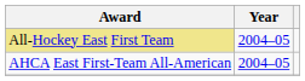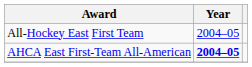 <table class="wikitable">
 <tr>
 <th>Award</th>
 <th>Year</th>
 <th></th>
 </tr>
 <tr>
-<td style="background: khaki;">All-<a href='#'>Hockey East</a> <a href='#'>First Team</a></td>
+<td>All-<a href='#'>Hockey East</a> <a href='#'>First Team</a></td>
 <td><a href='#'>2004–05</a></td>
 <td></td>
 </tr>
 <tr>
 <td><a href='#'>AHCA</a> <a href='#'>East First-Team All-American</a></td>
-<td><a href='#'>2004–05</a></td>
+<td><strong><a href='#'>2004–05</a></strong></td>
 <td></td>
 </tr>
 <tr>
 </tr>
 </table>
